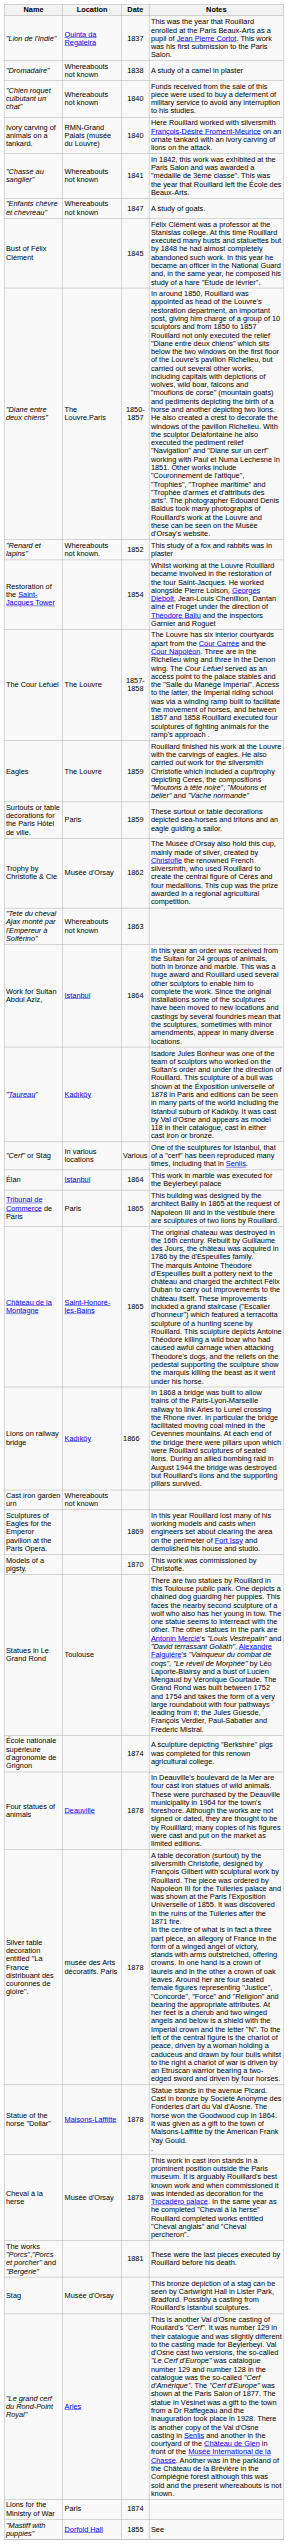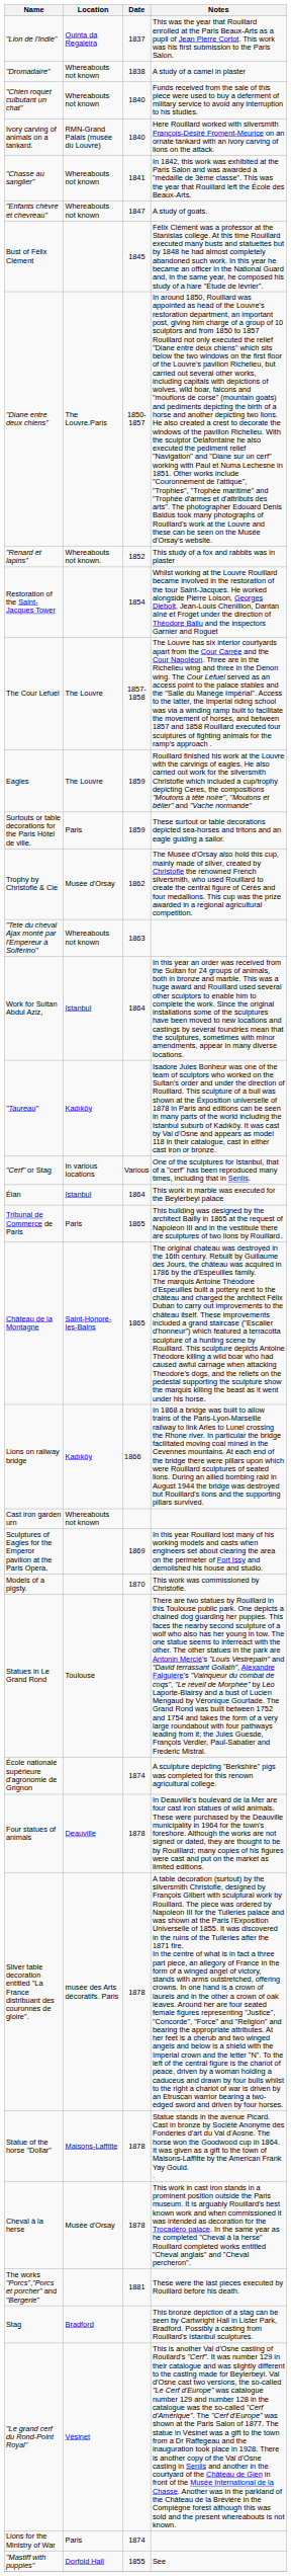 <table class="wikitable sortable plainrowheaders">
 <tr>
 <th style="width:120px">Name</th>
 <th style="width:120px">Location</th>
 <th style="width:50px">Date</th>
 <th class="unsortable">Notes</th>
 </tr>
 <tr>
 <td><em>"Lion de l'Indie"</em></td>
 <td><a href='#'>Quinta da Regaleira</a></td>
 <td align="center">1837</td>
 <td>This was the year that Rouillard enrolled at the Paris Beaux-Arts as a pupil of <a href='#'>Jean Pierre Cortot</a>. This work was his first submission to the Paris Salon.</td>
 </tr>
 <tr>
 <td><em>"Dromadaire"</em></td>
 <td>Whereabouts not known</td>
 <td align="center">1838</td>
 <td>A study of a camel in plaster</td>
 </tr>
 <tr>
 <td><em>"Chien roquet culbutant un chat"</em></td>
 <td>Whereabouts not known</td>
 <td align="center">1840</td>
 <td>Funds received from the sale of this piece were used to buy a deferment of military service to avoid any interruption to his studies.</td>
 </tr>
 <tr>
 <td>Ivory carving of animals on a tankard.</td>
 <td>RMN-Grand Palais (musée du Louvre)<br></td>
 <td align="center">1840</td>
 <td>Here Rouillard worked with silversmith <a href='#'>François-Désiré Froment-Meurice</a> on an ornate tankard with an ivory carving of lions on the attack.<br></td>
 </tr>
 <tr>
 <td><em>"Chasse au sanglier"</em></td>
 <td>Whereabouts not known</td>
 <td align="center">1841</td>
 <td>In 1842, this work was exhibited at the Paris Salon and was awarded a "médaille de 3ème classe".  This was the year that Rouillard left the École des Beaux-Arts.</td>
 </tr>
 <tr>
 <td><em>"Enfants chèvre et chevreau"</em></td>
 <td>Whereabouts not known</td>
 <td align="center">1847</td>
 <td>A study of goats.</td>
 </tr>
 <tr>
 <td>Bust of  Félix Clément</td>
 <td></td>
 <td align="center">1845</td>
 <td>Félix Clément was a professor at the Stanislas college.  At this time Rouillard executed many busts and statuettes but by 1848 he had almost completely abandoned such work. In this year he became an officer in the National Guard and, in the same year, he composed his study of a hare "Étude de lévrier".</td>
 </tr>
 <tr>
 <td><em>"Diane entre deux chiens"</em></td>
 <td>The Louvre.Paris</td>
 <td align="center">1850-1857</td>
 <td>In around 1850, Rouillard was appointed as head of the Louvre's restoration department, an important post, giving him charge of a group of 10 sculptors and from 1850 to 1857 Rouillard not only executed the relief "Diane entre deux chiens" which sits below the two windows on the first floor of the Louvre's pavilion Richelieu, but carried out several other works, including capitals with depictions of wolves, wild boar, falcons and "mouflons de corse" (mountain goats) and pediments depicting the birth of a horse and another depicting two lions. He also created a crest to decorate the windows of the pavillon Richelieu. With the sculptor Delafontaine he also executed the pediment relief "Navigation" and "Diane sur un cerf" working with Paul et Numa Lechesne in 1851. Other works include "Couronnement de l'attique", "Trophies", "Trophée maritime" and "Trophée d'armes et d'attributs des arts".  The photographer Edouard Denis Baldus took many photographs of Rouillard's work at the Louvre and these can be seen on the Musée d'Orsay's website.<br>  </td>
 </tr>
 <tr>
 <td><em>"Renard et lapins"</em></td>
 <td>Whereabouts not known.</td>
 <td align="center">1852</td>
 <td>This study of a fox and rabbits was in plaster</td>
 </tr>
 <tr>
 <td>Restoration of the <a href='#'>Saint-Jacques Tower</a></td>
 <td></td>
 <td align="center">1854</td>
 <td>Whilst working at the Louvre Rouillard became involved in the restoration of the tour Saint-Jacques. He worked alongside Pierre Loison, <a href='#'>Georges Diebolt</a>, Jean-Louis Chenillion, Dantan aîné et Froget under the direction of <a href='#'>Théodore Ballu</a> and the inspectors Garnier and Roguet</td>
 </tr>
 <tr>
 <td>The Cour Lefuel</td>
 <td>The Louvre</td>
 <td align="center">1857-1858</td>
 <td>The Louvre has six interior courtyards apart from the <a href='#'>Cour Carrée</a> and the <a href='#'>Cour Napoléon</a>. Three are in the Richelieu wing and three in the Denon wing. The <em>Cour Lefuel</em> served as an access point to the palace stables and the "Salle du Manège Impérial". Access to the latter, the Imperial riding school was via a winding ramp built to facilitate the movement of horses, and between 1857 and 1858 Rouillard executed four sculptures of fighting animals for the ramp's approach .</td>
 </tr>
 <tr>
 <td>Eagles</td>
 <td>The Louvre</td>
 <td align="center">1859</td>
 <td>Rouillard finished his work at the Louvre with the carvings of eagles. He also carried out work for the silversmith Christofle which included a cup/trophy depicting Ceres, the compositions <em>"Moutons à tête noire"</em>, <em>"Moutons et bélier"</em> and <em>"Vache normande"</em></td>
 </tr>
 <tr>
 <td>Surtouts or table decorations for the Paris Hôtel de ville.</td>
 <td>Paris<br></td>
 <td align="center">1859</td>
 <td>These surtout or table decorations depicted sea-horses and tritons and an eagle guiding a sailor.</td>
 </tr>
 <tr>
 <td>Trophy by Christofle & Cie</td>
 <td>Musée d'Orsay</td>
 <td align="center">1862</td>
 <td>The Musée d'Orsay also hold this cup, mainly made of silver, created by <a href='#'>Christofle</a> the renowned French silversmith, who used Rouillard to create the central figure of Cérès and four medallions. This cup was the prize awarded in a regional agricultural competition.</td>
 </tr>
 <tr>
 <td><em>"Tete du cheval Ajax monté par l'Empereur à Solférino"</em></td>
 <td>Whereabouts not known</td>
 <td align="center">1863</td>
 <td></td>
 </tr>
 <tr>
 <td>Work for Sultan Abdul Aziz,</td>
 <td><a href='#'>Istanbul</a></td>
 <td align="center">1864</td>
 <td>In this year an order was received from the Sultan for 24 groups of animals, both in bronze and marble. This was a huge award and Rouillard used several other sculptors to enable him to complete the work. Since the original installations some of the sculptures have been moved to new locations and castings by several foundries mean that the sculptures, sometimes with minor amendments, appear in many diverse locations.<br></td>
 </tr>
 <tr>
 <td><em>"<a href='#'>Taureau</a>"</em></td>
 <td><a href='#'>Kadıköy</a></td>
 <td></td>
 <td>Isadore Jules Bonheur was one of the team of sculptors who worked on the Sultan's order and under the direction of Rouillard. This sculpture of a bull was shown at the Éxposition universelle of 1878 in Paris and editions can be seen in many parts of the world including the Istanbul suburb of Kadıköy. It was cast by Val d'Osne and appears as model 118 in their catalogue, cast in either cast iron or bronze.<br></td>
 </tr>
 <tr>
 <td><em>"Cerf"</em> or Stag</td>
 <td>In various locations</td>
 <td align="center">Various</td>
 <td>One of the sculptures for Istanbul, that of a "cerf" has been reproduced many times, including that in <a href='#'>Senlis</a>.</td>
 </tr>
 <tr>
 <td>Élan</td>
 <td><a href='#'>Istanbul</a></td>
 <td align="center">1864</td>
 <td>This work in marble was executed for the Beylerbeyi palace</td>
 </tr>
 <tr>
 <td><a href='#'>Tribunal de Commerce</a> de Paris</td>
 <td>Paris<br></td>
 <td align="center">1865</td>
 <td>This building was designed by the architect Bailly in 1865 at the request of Napoleon III and in the vestibule there are sculptures of two lions by Rouillard.<br></td>
 </tr>
 <tr>
 <td><a href='#'>Château de la Montagne</a></td>
 <td><a href='#'>Saint-Honoré-les-Bains</a></td>
 <td align="center">1865</td>
 <td>The original chateau was destroyed in the 16th century. Rebuilt by Guillaume des Jours, the château was acquired in 1786 by the d'Espeuilles family.<br>The marquis Antoine Théodore d'Espeuilles built a pottery next to the château and charged the architect Félix Duban to carry out improvements to the château itself.  These improvements included a grand staircase ("Escalier d'honneur") which featured a terracotta sculpture of a hunting scene by Rouillard. This sculpture depicts Antoine Théodore killing a wild boar who had caused awful carnage when attacking Theodore's dogs, and the reliefs on the pedestal supporting the sculpture show the marquis killing the beast as it went under his horse.</td>
 </tr>
 <tr>
 <td>Lions on railway bridge</td>
 <td><a href='#'>Kadıköy</a></td>
 <td>1866</td>
 <td>In 1868 a bridge was built to allow trains of the Paris-Lyon-Marseille railway to link Arles to Lunel crossing the Rhone river. In particular the bridge facilitated moving coal mined in the Cevennes mountains.  At each end of the bridge there were pillars upon which were Rouillard sculptures of seated lions. During an allied bombing raid in August 1944 the bridge was destroyed but Rouillard's lions and the supporting pillars survived.<br></td>
 </tr>
 <tr>
 <td>Cast iron garden urn</td>
 <td>Whereabouts not known</td>
 <td></td>
 <td></td>
 </tr>
 <tr>
 <td>Sculptures of Eagles for the Emperor pavilion at the Paris Opera.</td>
 <td></td>
 <td align="center">1869</td>
 <td>In this year Rouillard lost many of his working models and casts when engineers set about clearing the area on the perimeter of <a href='#'>Fort Issy</a> and demolished his house and studio.</td>
 </tr>
 <tr>
 <td>Models of a pigsty.</td>
 <td></td>
 <td align="center">1870</td>
 <td>This work was commissioned by Christofle.</td>
 </tr>
 <tr>
 <td>Statues in Le Grand Rond</td>
 <td>Toulouse<br></td>
 <td align="center"></td>
 <td>There are two statues by Rouillard in this Toulouse public park. One depicts a chained dog guarding her puppies. This faces the nearby second sculpture of a wolf who also has her young in tow.  The one statue seems to interreact with the other.  The other statues in the park are <a href='#'>Antonin Mercié</a>'s  <em>"Louis Vestrepain"</em> and  <em>"David terrassant Goliath"</em>, <a href='#'>Alexandre Falguière</a>'s <em>"Vainqueur du combat de coqs"</em>, <em>"Le réveil de Morphée"</em> by Léo Laporte-Blairsy and a bust of Lucien Mengaud by Véronique Gourtade. The Grand Rond was built between 1752 and 1754 and takes the form of a very large roundabout with four pathways leading from it; the Jules Guesde, François Verdier, Paul-Sabatier and Frederic Mistral.<br></td>
 </tr>
 <tr>
 <td>École nationale supérieure d'agronomie de Grignon</td>
 <td></td>
 <td align="center">1874</td>
 <td>A sculpture depicting  "Berkshire" pigs was completed for this renown agricultural college.</td>
 </tr>
 <tr>
 <td>Four statues of animals</td>
 <td><a href='#'>Deauville</a></td>
 <td align="center">1878</td>
 <td>In Deauville's boulevard de la Mer are four cast iron statues of wild animals. These were purchased by the Deauville municipality in 1964 for the town's foreshore. Although the works are not signed or dated, they are thought to be by Rouilllard; many copies of his figures were cast and put on the market as limited editions.</td>
 </tr>
 <tr>
 <td>Silver table decoration entitled "La France distribuant des couronnes de gloire".</td>
 <td>musée des Arts décoratifs. Paris</td>
 <td align="center">1878</td>
 <td>A table decoration (surtout) by the silversmith Christofle, designed by François Gilbert with sculptural work by Rouillard. The piece was ordered by Napoleon III for the Tuileries palace and was shown at the Paris l'Exposition Universelle of 1855. It was discovered in the ruins of the Tuileries after the 1871 fire.<br>In the centre of what is in fact a three part piece, an allegory of France in the form of a winged angel of victory, stands with arms outstretched, offering crowns. In one hand is a crown of laurels and in the other a crown of oak leaves.  Around her are four seated female figures representing  "Justice", "Concorde", "Force" and "Religion" and bearing the appropriate attributes. At her feet is a cherub and two winged angels and below is a shield with the Imperial crown and the letter "N".  To the left  of the central figure is the chariot of peace, driven by a woman holding a caduceus and drawn by four bulls whilst to the right a chariot of war is driven by an Etruscan warrior bearing a two-edged sword and driven by four horses.</td>
 </tr>
 <tr>
 <td>Statue of the horse "Dollar"</td>
 <td><a href='#'>Maisons-Laffitte</a><br></td>
 <td align="center">1878</td>
 <td>Statue stands in the avenue Picard. Cast in bronze by Société Anonyme des Fonderies d'art du Val d'Aosne. The horse won the Goodwood cup in 1864. It was given as a gift to the town of Maisons-Laffitte by the American Frank Yay Gould.<br>.</td>
 </tr>
 <tr>
 <td>Cheval à la herse</td>
 <td>Musée d'Orsay</td>
 <td align="center">1878</td>
 <td>This work in cast iron stands in a prominent position outside the Paris museum.  It is arguably Rouillard's best known work and when commissioned it was intended as decoration for the <a href='#'>Trocadéro palace</a>. In the same year as he completed "Cheval à la herse" Rouillard completed works entitled  "Cheval anglais" and "Cheval percheron".<br></td>
 </tr>
 <tr>
 <td>The works <em>"Porcs"</em>,<em>"Porcs et porcher"</em> and <em>"Bergerie"</em></td>
 <td></td>
 <td align="center">1881</td>
 <td>These were the last pieces executed by Rouillard before his death.</td>
 </tr>
 <tr>
 <td>Stag</td>
-<td>Musée d'Orsay</td>
+<td><a href='#'>Bradford</a></td>
 <td align="center"></td>
 <td>This bronze depiction of a stag can be seen by Cartwright Hall in Lister Park, Bradford. Possibly a casting from Rouillard's Istanbul sculptures.<br></td>
 </tr>
 <tr>
 <td><em>"Le grand cerf du Rond-Point Royal"</em></td>
-<td><a href='#'>Arles</a></td>
+<td><a href='#'>Vésinet</a></td>
 <td></td>
 <td>This is another Val d'Osne casting of Rouilard's <em>"Cerf"</em>. It was number 129 in their catalogue and was slightly different to the casting made for Beylerbeyi. Val d'Osne cast two versions, the so-called <em>"Le Cerf d'Europe"</em> was catalogue number 129 and number 128 in the catalogue was the so-called <em>"Cerf d'Amérique"</em>. The <em>"Cerf d'Europe"</em> was shown at the Paris Salon of 1877. The statue in Vésinet was a gift to the town from a Dr Raffegeau and the inauguration took place in 1928. There is another copy of the Val d'Osne casting in <a href='#'>Senlis</a> and another in the courtyard of the <a href='#'>Château de Gien</a> in front of the <a href='#'>Musée International de la Chasse</a>. Another was in the parkland of the Château de la Brévière in the Compiègne forest although this was sold and the present whereabouts is not known.</td>
 </tr>
 <tr>
 <td>Lions for the Ministry of War</td>
 <td>Paris</td>
 <td align="center">1874</td>
 <td></td>
 </tr>
 <tr>
 <td><em>"Mastiff with puppies"</em></td>
 <td><a href='#'>Dorfold Hall</a></td>
 <td align="center">1855</td>
 <td>See</td>
 </tr>
 <tr>
 </tr>
 </table>
